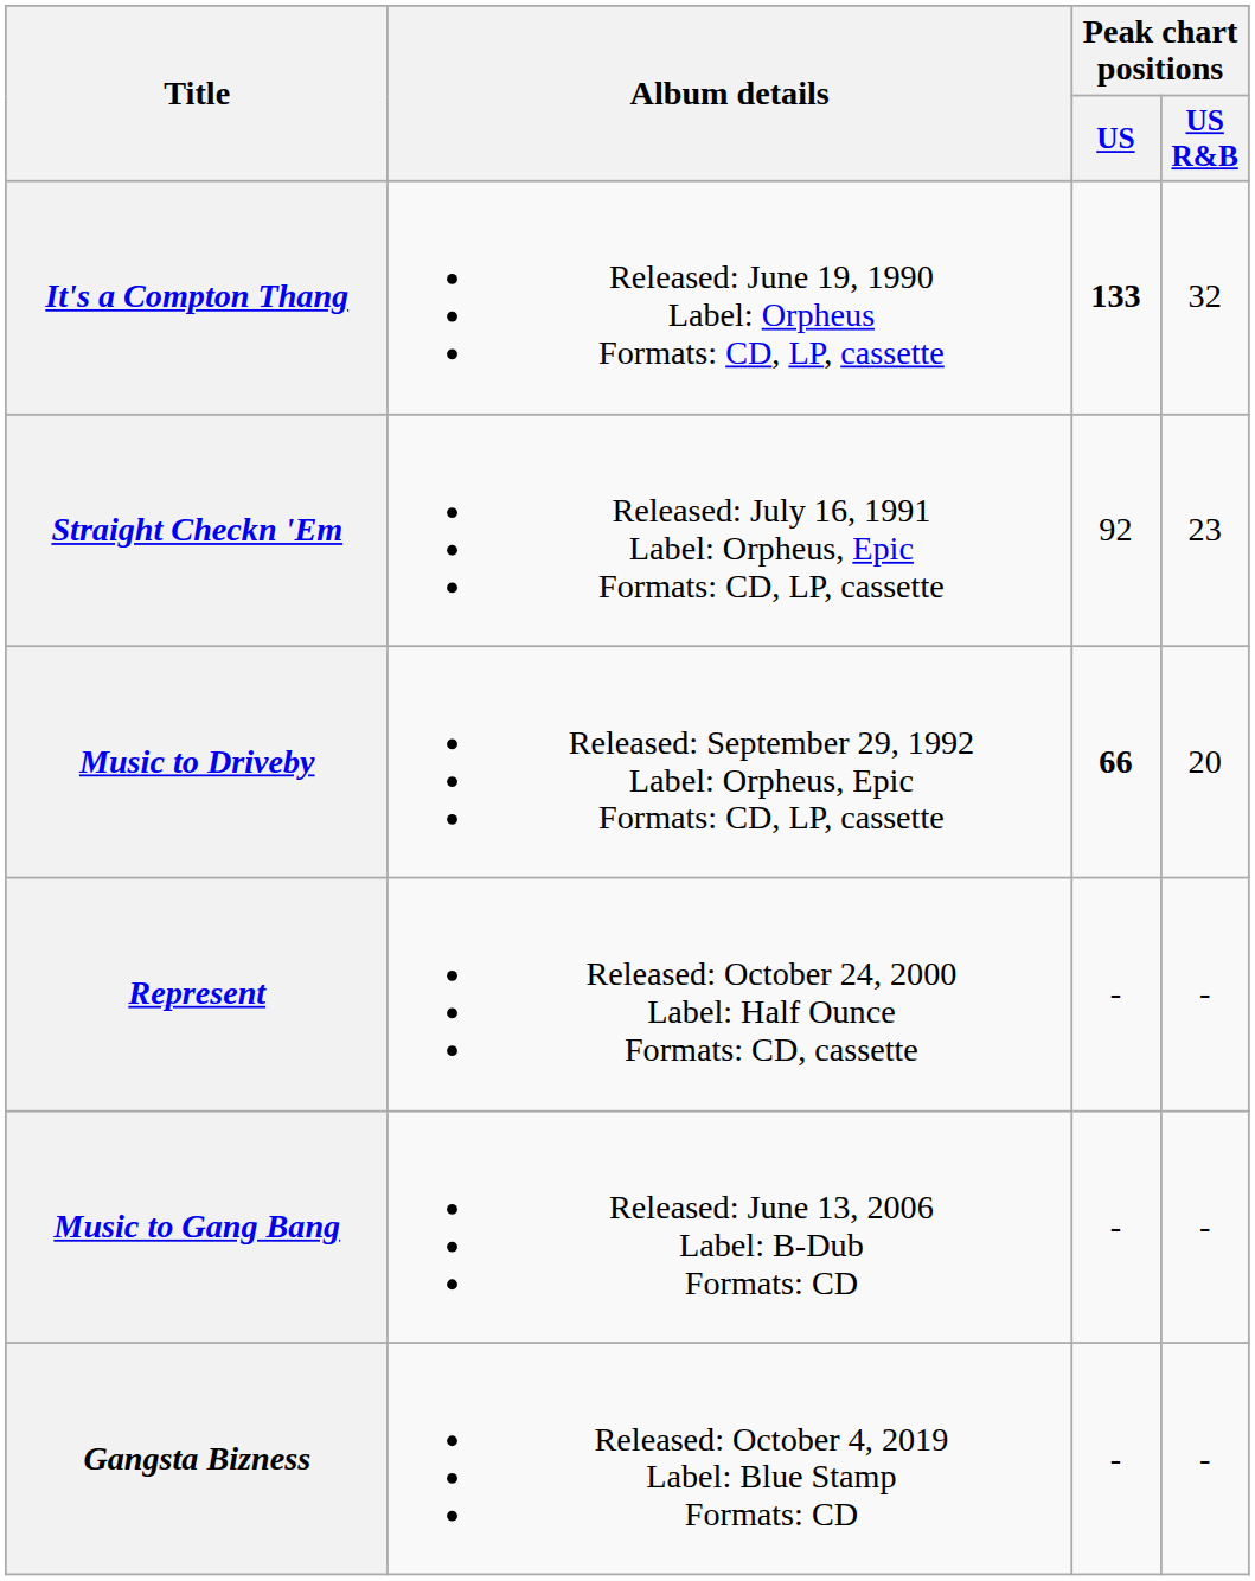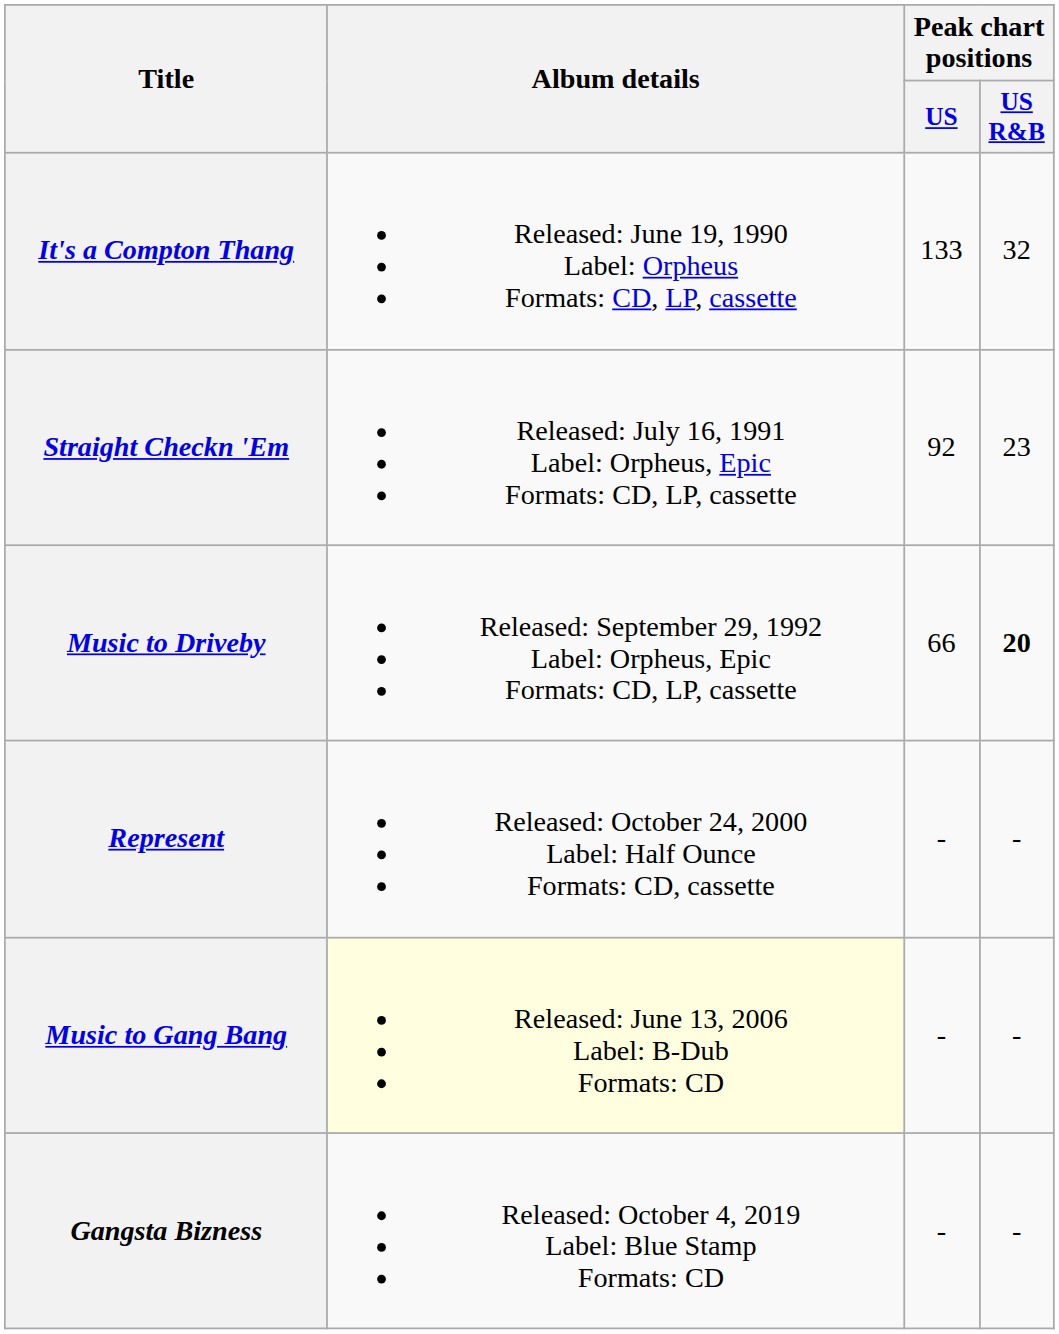 <table class="wikitable plainrowheaders" style="text-align:center;">
 <tr>
 <th scope="col" rowspan="2" style="width:11em;">Title</th>
 <th scope="col" rowspan="2" style="width:20em;">Album details</th>
 <th scope="col" colspan="3">Peak chart positions</th>
 </tr>
 <tr>
 <th scope="col" style="width:2.5em;font-size:90%;"><a href='#'>US</a></th>
 <th scope="col" style="width:2.5em;font-size:90%;"><a href='#'>US<br>R&B</a></th>
 </tr>
 <tr>
 <th scope="row"><em><a href='#'>It's a Compton Thang</a></em></th>
 <td><br><ul><li>Released: June 19, 1990</li><li>Label: <a href='#'>Orpheus</a></li><li>Formats: <a href='#'>CD</a>, <a href='#'>LP</a>, <a href='#'>cassette</a></li></ul></td>
-<td><strong>133</strong></td>
+<td>133</td>
 <td>32</td>
 </tr>
 <tr>
 <th scope="row"><em><a href='#'>Straight Checkn 'Em</a></em></th>
 <td><br><ul><li>Released: July 16, 1991</li><li>Label: Orpheus, <a href='#'>Epic</a></li><li>Formats: CD, LP, cassette</li></ul></td>
 <td>92</td>
 <td>23</td>
 </tr>
 <tr>
 <th scope="row"><em><a href='#'>Music to Driveby</a></em></th>
 <td><br><ul><li>Released: September 29, 1992</li><li>Label: Orpheus, Epic</li><li>Formats: CD, LP, cassette</li></ul></td>
-<td><strong>66</strong></td>
-<td>20</td>
+<td>66</td>
+<td><strong>20</strong></td>
 </tr>
 <tr>
 <th scope="row"><em><a href='#'>Represent</a></em></th>
 <td><br><ul><li>Released: October 24, 2000</li><li>Label: Half Ounce</li><li>Formats: CD, cassette</li></ul></td>
 <td>-</td>
 <td>-</td>
 </tr>
 <tr>
 <th scope="row"><em><a href='#'>Music to Gang Bang</a></em></th>
-<td><br><ul><li>Released: June 13, 2006</li><li>Label: B-Dub</li><li>Formats: CD</li></ul></td>
+<td style="background: lightyellow;"><br><ul><li>Released: June 13, 2006</li><li>Label: B-Dub</li><li>Formats: CD</li></ul></td>
 <td>-</td>
 <td>-</td>
 </tr>
 <tr>
 <th scope="row"><em>Gangsta Bizness</em></th>
 <td><br><ul><li>Released: October 4, 2019</li><li>Label: Blue Stamp</li><li>Formats: CD</li></ul></td>
 <td>-</td>
 <td>-</td>
 </tr>
 </table>
